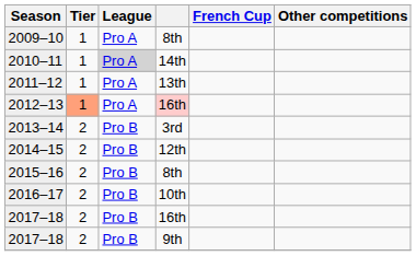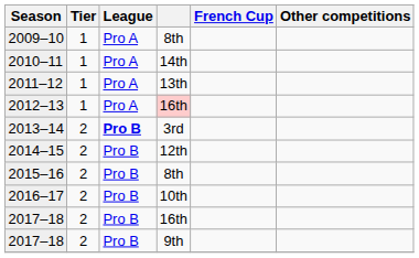 <table class="wikitable" style="font-size:85%;">
 <tr>
 <th>Season</th>
 <th>Tier</th>
 <th>League</th>
 <th></th>
 <th><a href='#'>French Cup</a></th>
 <th colspan=2>Other competitions</th>
 </tr>
 <tr>
 <td style="background:#efefef;">2009–10</td>
 <td align="center">1</td>
 <td><a href='#'>Pro A</a></td>
 <td align="center">8th</td>
 <td></td>
 <td colspan=2></td>
 </tr>
 <tr>
 <td style="background:#efefef;">2010–11</td>
 <td align="center">1</td>
-<td style="background: lightgrey;"><a href='#'>Pro A</a></td>
+<td><a href='#'>Pro A</a></td>
 <td align="center">14th</td>
 <td></td>
 <td colspan=2></td>
 </tr>
 <tr>
 <td style="background:#efefef;">2011–12</td>
 <td align="center">1</td>
 <td><a href='#'>Pro A</a></td>
 <td align="center">13th</td>
 <td></td>
 <td colspan=2></td>
 </tr>
 <tr>
 <td style="background:#efefef;">2012–13</td>
-<td align="center" style="background: lightsalmon;">1</td>
+<td align="center">1</td>
 <td><a href='#'>Pro A</a></td>
 <td align="center" bgcolor=#fcc>16th</td>
 <td></td>
 <td colspan=2></td>
 </tr>
 <tr>
 <td style="background:#efefef;">2013–14</td>
 <td align="center">2</td>
-<td><a href='#'>Pro B</a></td>
+<td><strong><a href='#'>Pro B</a></strong></td>
 <td align="center">3rd</td>
 <td></td>
 <td colspan=2></td>
 </tr>
 <tr>
 <td style="background:#efefef;">2014–15</td>
 <td align="center">2</td>
 <td><a href='#'>Pro B</a></td>
 <td align="center">12th</td>
 <td></td>
 <td colspan=2></td>
 </tr>
 <tr>
 <td style="background:#efefef;">2015–16</td>
 <td align="center">2</td>
 <td><a href='#'>Pro B</a></td>
 <td align="center">8th</td>
 <td></td>
 <td colspan=2></td>
 </tr>
 <tr>
 <td style="background:#efefef;">2016–17</td>
 <td align="center">2</td>
 <td><a href='#'>Pro B</a></td>
 <td align="center">10th</td>
 <td></td>
 <td colspan=2></td>
 </tr>
 <tr>
 <td style="background:#efefef;">2017–18</td>
 <td align="center">2</td>
 <td><a href='#'>Pro B</a></td>
 <td align="center">16th</td>
 <td></td>
 <td colspan=2></td>
 </tr>
 <tr>
 <td style="background:#efefef;">2017–18</td>
 <td align="center">2</td>
 <td><a href='#'>Pro B</a></td>
 <td align="center">9th</td>
 <td></td>
 <td colspan=2></td>
 </tr>
 <tr>
 </tr>
 </table>
